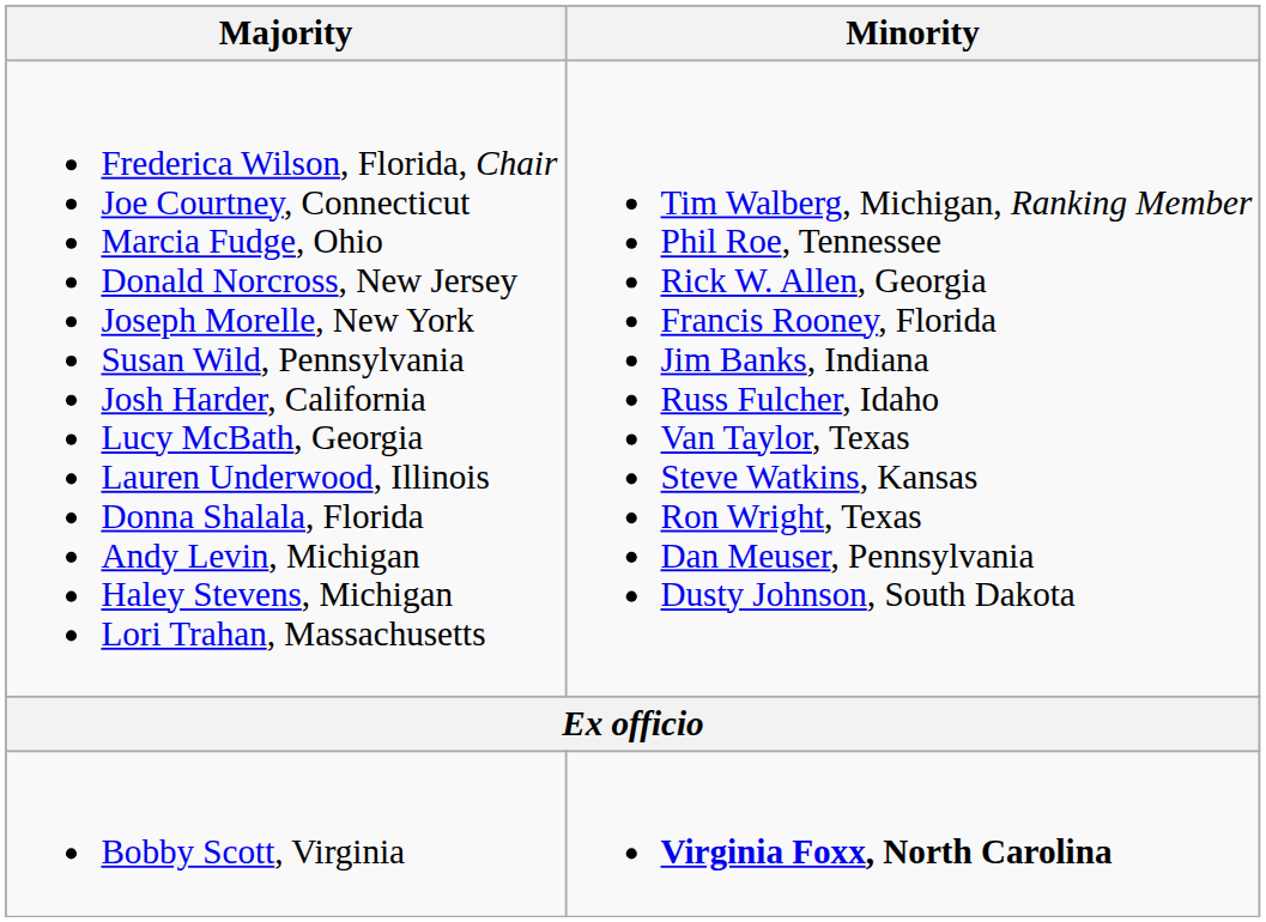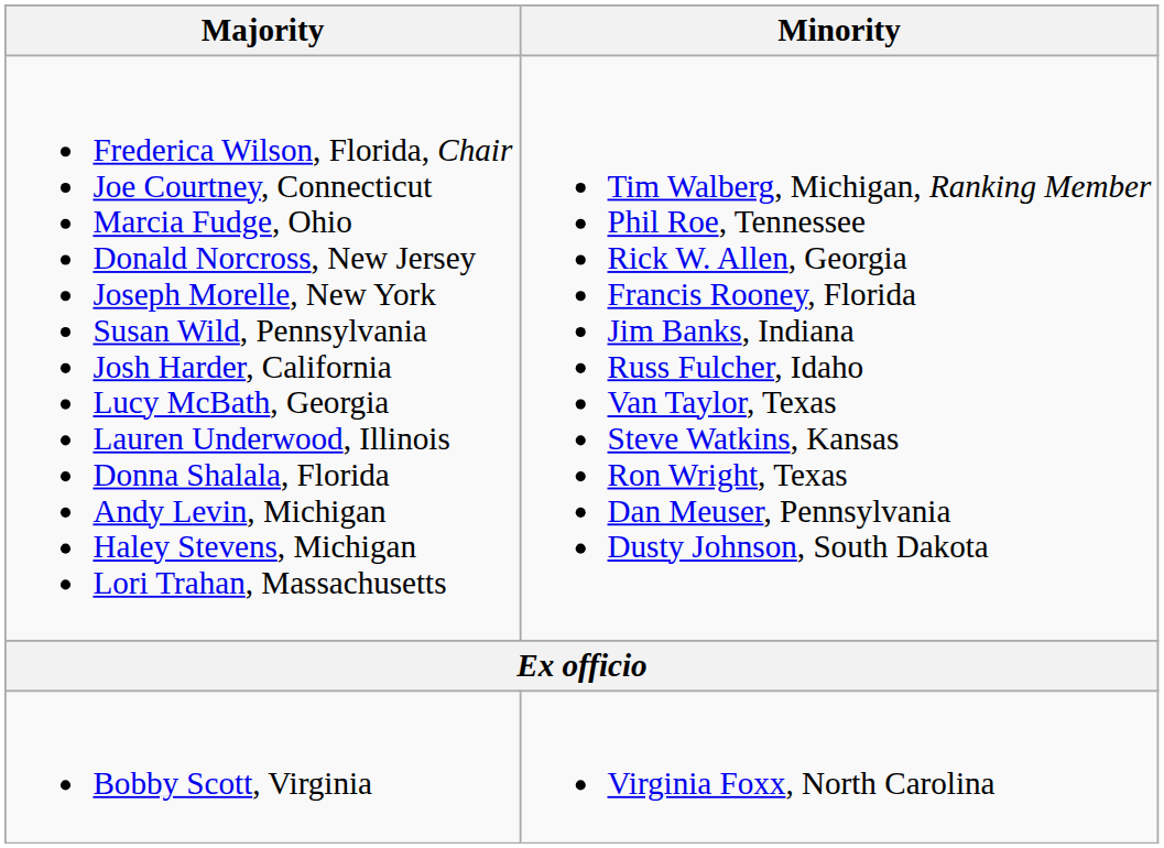 <table class=wikitable>
 <tr>
 <th>Majority</th>
 <th>Minority</th>
 </tr>
 <tr>
 <td><br><ul><li><a href='#'>Frederica Wilson</a>, Florida, <em>Chair</em></li><li><a href='#'>Joe Courtney</a>, Connecticut</li><li><a href='#'>Marcia Fudge</a>, Ohio</li><li><a href='#'>Donald Norcross</a>, New Jersey</li><li><a href='#'>Joseph Morelle</a>, New York</li><li><a href='#'>Susan Wild</a>, Pennsylvania</li><li><a href='#'>Josh Harder</a>, California</li><li><a href='#'>Lucy McBath</a>, Georgia</li><li><a href='#'>Lauren Underwood</a>, Illinois</li><li><a href='#'>Donna Shalala</a>, Florida</li><li><a href='#'>Andy Levin</a>, Michigan</li><li><a href='#'>Haley Stevens</a>, Michigan</li><li><a href='#'>Lori Trahan</a>, Massachusetts</li></ul></td>
 <td><br><ul><li><a href='#'>Tim Walberg</a>, Michigan, <em>Ranking Member</em></li><li><a href='#'>Phil Roe</a>, Tennessee</li><li><a href='#'>Rick W. Allen</a>, Georgia</li><li><a href='#'>Francis Rooney</a>, Florida</li><li><a href='#'>Jim Banks</a>, Indiana</li><li><a href='#'>Russ Fulcher</a>, Idaho</li><li><a href='#'>Van Taylor</a>, Texas</li><li><a href='#'>Steve Watkins</a>, Kansas</li><li><a href='#'>Ron Wright</a>, Texas</li><li><a href='#'>Dan Meuser</a>, Pennsylvania</li><li><a href='#'>Dusty Johnson</a>, South Dakota</li></ul></td>
 </tr>
 <tr>
 <th colspan=2><em>Ex officio</em></th>
 </tr>
 <tr>
 <td><br><ul><li><a href='#'>Bobby Scott</a>, Virginia</li></ul></td>
-<td><strong><br><ul><li><a href='#'>Virginia Foxx</a>, North Carolina</li></ul></strong></td>
+<td><br><ul><li><a href='#'>Virginia Foxx</a>, North Carolina</li></ul></td>
 </tr>
 </table>
